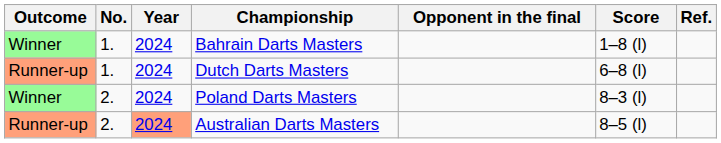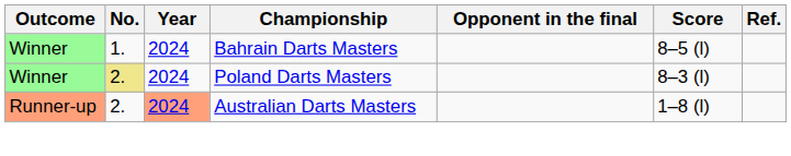 <table class="sortable wikitable">
 <tr>
 <th width="80">Outcome</th>
 <th width="20">No.</th>
 <th width="50">Year</th>
 <th style="width:190px;">Championship</th>
 <th style="width:180px;">Opponent in the final</th>
 <th width="70">Score</th>
 <th width="30">Ref.</th>
 </tr>
 <tr>
 <td style="background:#98FB98">Winner</td>
 <td>1.</td>
 <td><a href='#'>2024</a></td>
 <td><a href='#'>Bahrain Darts Masters</a></td>
 <td></td>
-<td>1–8 (l)</td>
-<td></td>
-</tr>
-<tr>
-<td style="background:#ffa07a">Runner-up</td>
-<td>1.</td>
-<td><a href='#'>2024</a></td>
-<td><a href='#'>Dutch Darts Masters</a></td>
-<td></td>
-<td>6–8 (l)</td>
+<td>8–5 (l)</td>
 <td></td>
 </tr>
 <tr>
 <td style="background:#98FB98">Winner</td>
-<td>2.</td>
+<td style="background: khaki;">2.</td>
 <td><a href='#'>2024</a></td>
 <td><a href='#'>Poland Darts Masters</a></td>
 <td></td>
 <td>8–3 (l)</td>
 <td></td>
 </tr>
 <tr>
 <td style="background:#ffa07a">Runner-up</td>
 <td>2.</td>
 <td style="background: lightsalmon;"><a href='#'>2024</a></td>
 <td><a href='#'>Australian Darts Masters</a></td>
 <td></td>
-<td>8–5 (l)</td>
+<td>1–8 (l)</td>
 <td></td>
 </tr>
 </table>
